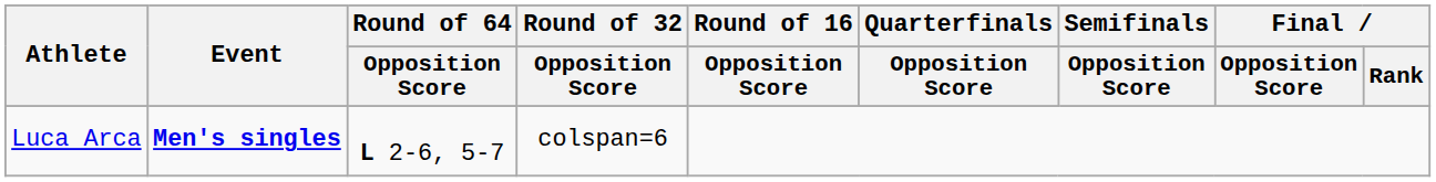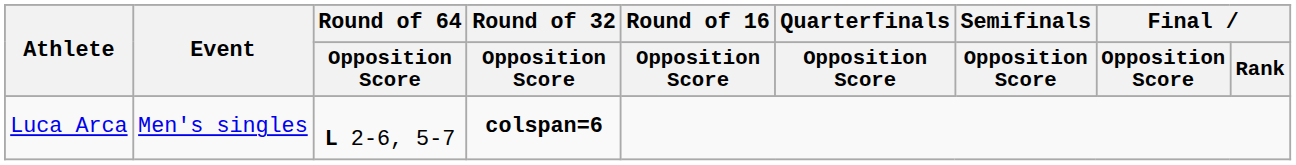 <table class=wikitable style="font-size:90%">
 <tr>
 <th rowspan="2">Athlete</th>
 <th rowspan="2">Event</th>
 <th>Round of 64</th>
 <th>Round of 32</th>
 <th>Round of 16</th>
 <th>Quarterfinals</th>
 <th>Semifinals</th>
 <th colspan=2>Final / </th>
 </tr>
 <tr style="font-size:95%">
 <th>Opposition<br>Score</th>
 <th>Opposition<br>Score</th>
 <th>Opposition<br>Score</th>
 <th>Opposition<br>Score</th>
 <th>Opposition<br>Score</th>
 <th>Opposition<br>Score</th>
 <th>Rank</th>
 </tr>
 <tr align=center>
 <td align=left><a href='#'>Luca Arca</a></td>
-<td align=left><strong><a href='#'>Men's singles</a></strong></td>
+<td align=left><a href='#'>Men's singles</a></td>
 <td><br><strong>L</strong> 2-6, 5-7</td>
-<td>colspan=6 </td>
+<td><strong>colspan=6 </strong></td>
 </tr>
 </table>
